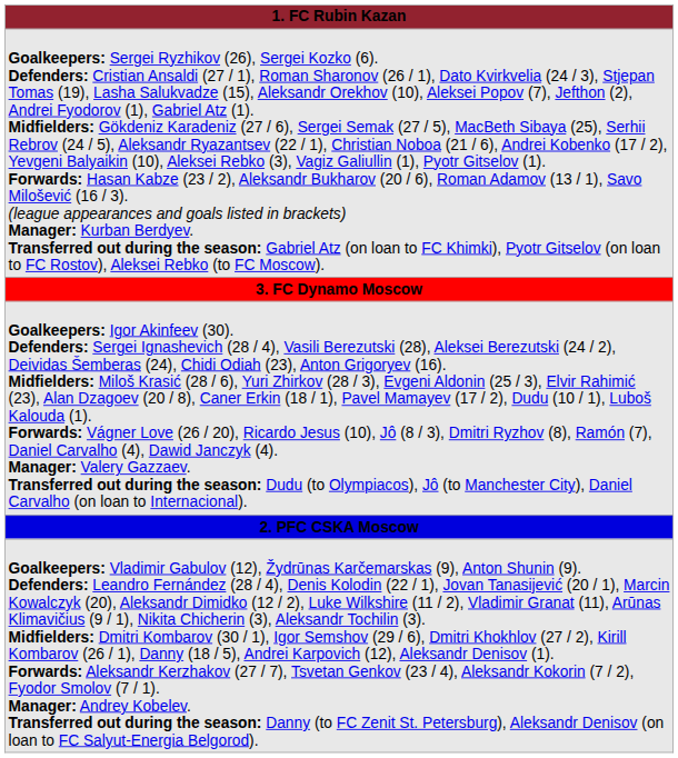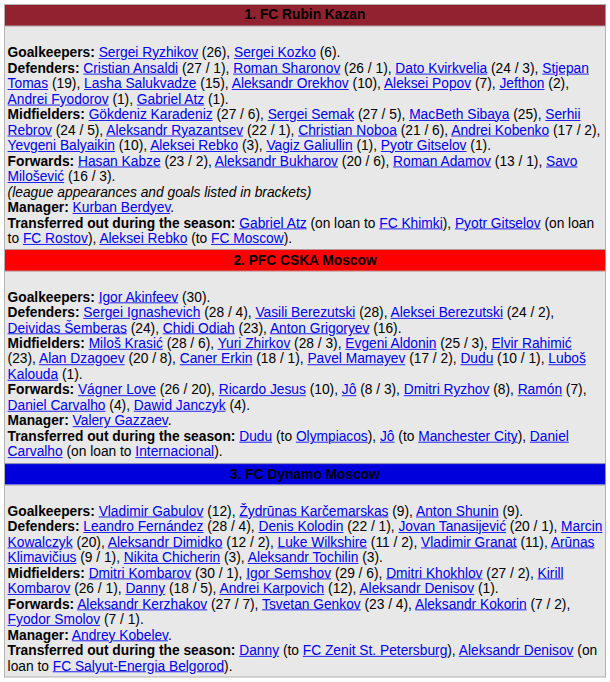 <table class="wikitable" Width="700">
 <tr bgcolor="#92222f">
 <td align="center" width="700"><span> <strong>1. FC Rubin Kazan</strong> </span></td>
 </tr>
 <tr bgcolor="#E8E8E8">
 <td align="left" width="700"><br><strong>Goalkeepers:</strong> <a href='#'>Sergei Ryzhikov</a> (26), <a href='#'>Sergei Kozko</a> (6).<br> <strong>Defenders:</strong> <a href='#'>Cristian Ansaldi</a>  (27 / 1), <a href='#'>Roman Sharonov</a> (26 / 1), <a href='#'>Dato Kvirkvelia</a>  (24 / 3), <a href='#'>Stjepan Tomas</a>  (19), <a href='#'>Lasha Salukvadze</a>  (15), <a href='#'>Aleksandr Orekhov</a> (10), <a href='#'>Aleksei Popov</a> (7), <a href='#'>Jefthon</a>  (2), <a href='#'>Andrei Fyodorov</a>  (1), <a href='#'>Gabriel Atz</a>  (1).<br> <strong>Midfielders:</strong> <a href='#'>Gökdeniz Karadeniz</a>  (27 / 6), <a href='#'>Sergei Semak</a> (27 / 5), <a href='#'>MacBeth Sibaya</a>  (25), <a href='#'>Serhii Rebrov</a>  (24 / 5), <a href='#'>Aleksandr Ryazantsev</a> (22 / 1), <a href='#'>Christian Noboa</a>  (21 / 6), <a href='#'>Andrei Kobenko</a> (17 / 2), <a href='#'>Yevgeni Balyaikin</a> (10), <a href='#'>Aleksei Rebko</a> (3), <a href='#'>Vagiz Galiullin</a>  (1), <a href='#'>Pyotr Gitselov</a>  (1).<br> <strong>Forwards:</strong> <a href='#'>Hasan Kabze</a>  (23 / 2), <a href='#'>Aleksandr Bukharov</a> (20 / 6), <a href='#'>Roman Adamov</a> (13 / 1), <a href='#'>Savo Milošević</a>  (16 / 3).<br><em>(league appearances and goals listed in brackets)</em><br><strong>Manager:</strong> <a href='#'>Kurban Berdyev</a>.<br><strong>Transferred out during the season:</strong> <a href='#'>Gabriel Atz</a>  (on loan to <a href='#'>FC Khimki</a>), <a href='#'>Pyotr Gitselov</a>  (on loan to <a href='#'>FC Rostov</a>), <a href='#'>Aleksei Rebko</a> (to <a href='#'>FC Moscow</a>).</td>
 </tr>
 <tr bgcolor="#FF0000">
-<td align="center" width="700"><span> <strong>3. FC Dynamo Moscow</strong> </span></td>
+<td align="center" width="700"><span> <strong>2. PFC CSKA Moscow</strong> </span></td>
 </tr>
 <tr bgcolor="#E8E8E8">
 <td align="left" width="700"><br><strong>Goalkeepers:</strong> <a href='#'>Igor Akinfeev</a> (30).<br> <strong>Defenders:</strong> <a href='#'>Sergei Ignashevich</a> (28 / 4), <a href='#'>Vasili Berezutski</a> (28), <a href='#'>Aleksei Berezutski</a> (24 / 2), <a href='#'>Deividas Šemberas</a>  (24), <a href='#'>Chidi Odiah</a>  (23), <a href='#'>Anton Grigoryev</a> (16).<br> <strong>Midfielders:</strong> <a href='#'>Miloš Krasić</a>  (28 / 6), <a href='#'>Yuri Zhirkov</a> (28 / 3), <a href='#'>Evgeni Aldonin</a> (25 / 3), <a href='#'>Elvir Rahimić</a>  (23), <a href='#'>Alan Dzagoev</a> (20 / 8), <a href='#'>Caner Erkin</a>  (18 / 1), <a href='#'>Pavel Mamayev</a> (17 / 2), <a href='#'>Dudu</a>  (10 / 1), <a href='#'>Luboš Kalouda</a>  (1).<br> <strong>Forwards:</strong> <a href='#'>Vágner Love</a>  (26 / 20), <a href='#'>Ricardo Jesus</a>  (10), <a href='#'>Jô</a>  (8 / 3), <a href='#'>Dmitri Ryzhov</a> (8), <a href='#'>Ramón</a>  (7), <a href='#'>Daniel Carvalho</a>  (4), <a href='#'>Dawid Janczyk</a>  (4).<br> <strong>Manager:</strong> <a href='#'>Valery Gazzaev</a>.<br><strong>Transferred out during the season:</strong> <a href='#'>Dudu</a>  (to  <a href='#'>Olympiacos</a>), <a href='#'>Jô</a>  (to  <a href='#'>Manchester City</a>), <a href='#'>Daniel Carvalho</a>  (on loan to  <a href='#'>Internacional</a>).</td>
 </tr>
 <tr bgcolor="#0000DD">
-<td align="center" width="700"><span> <strong>2. PFC CSKA Moscow</strong> </span></td>
+<td align="center" width="700"><span> <strong>3. FC Dynamo Moscow</strong> </span></td>
 </tr>
 <tr bgcolor="#E8E8E8">
 <td align="left" width="700"><br><strong>Goalkeepers:</strong> <a href='#'>Vladimir Gabulov</a> (12), <a href='#'>Žydrūnas Karčemarskas</a>  (9), <a href='#'>Anton Shunin</a> (9).<br> <strong>Defenders:</strong> <a href='#'>Leandro Fernández</a>  (28 / 4), <a href='#'>Denis Kolodin</a> (22 / 1), <a href='#'>Jovan Tanasijević</a>  (20 / 1), <a href='#'>Marcin Kowalczyk</a>  (20), <a href='#'>Aleksandr Dimidko</a> (12 / 2), <a href='#'>Luke Wilkshire</a>  (11 / 2), <a href='#'>Vladimir Granat</a> (11), <a href='#'>Arūnas Klimavičius</a>  (9 / 1), <a href='#'>Nikita Chicherin</a> (3), <a href='#'>Aleksandr Tochilin</a> (3).<br> <strong>Midfielders:</strong> <a href='#'>Dmitri Kombarov</a> (30 / 1), <a href='#'>Igor Semshov</a> (29 / 6), <a href='#'>Dmitri Khokhlov</a> (27 / 2), <a href='#'>Kirill Kombarov</a> (26 / 1), <a href='#'>Danny</a>  (18 / 5), <a href='#'>Andrei Karpovich</a>  (12), <a href='#'>Aleksandr Denisov</a> (1).<br> <strong>Forwards:</strong> <a href='#'>Aleksandr Kerzhakov</a> (27 / 7), <a href='#'>Tsvetan Genkov</a>  (23 / 4), <a href='#'>Aleksandr Kokorin</a> (7 / 2), <a href='#'>Fyodor Smolov</a> (7 / 1).<br><strong>Manager:</strong> <a href='#'>Andrey Kobelev</a>.<br><strong>Transferred out during the season:</strong> <a href='#'>Danny</a>  (to <a href='#'>FC Zenit St. Petersburg</a>), <a href='#'>Aleksandr Denisov</a> (on loan to <a href='#'>FC Salyut-Energia Belgorod</a>).</td>
 </tr>
 </table>
